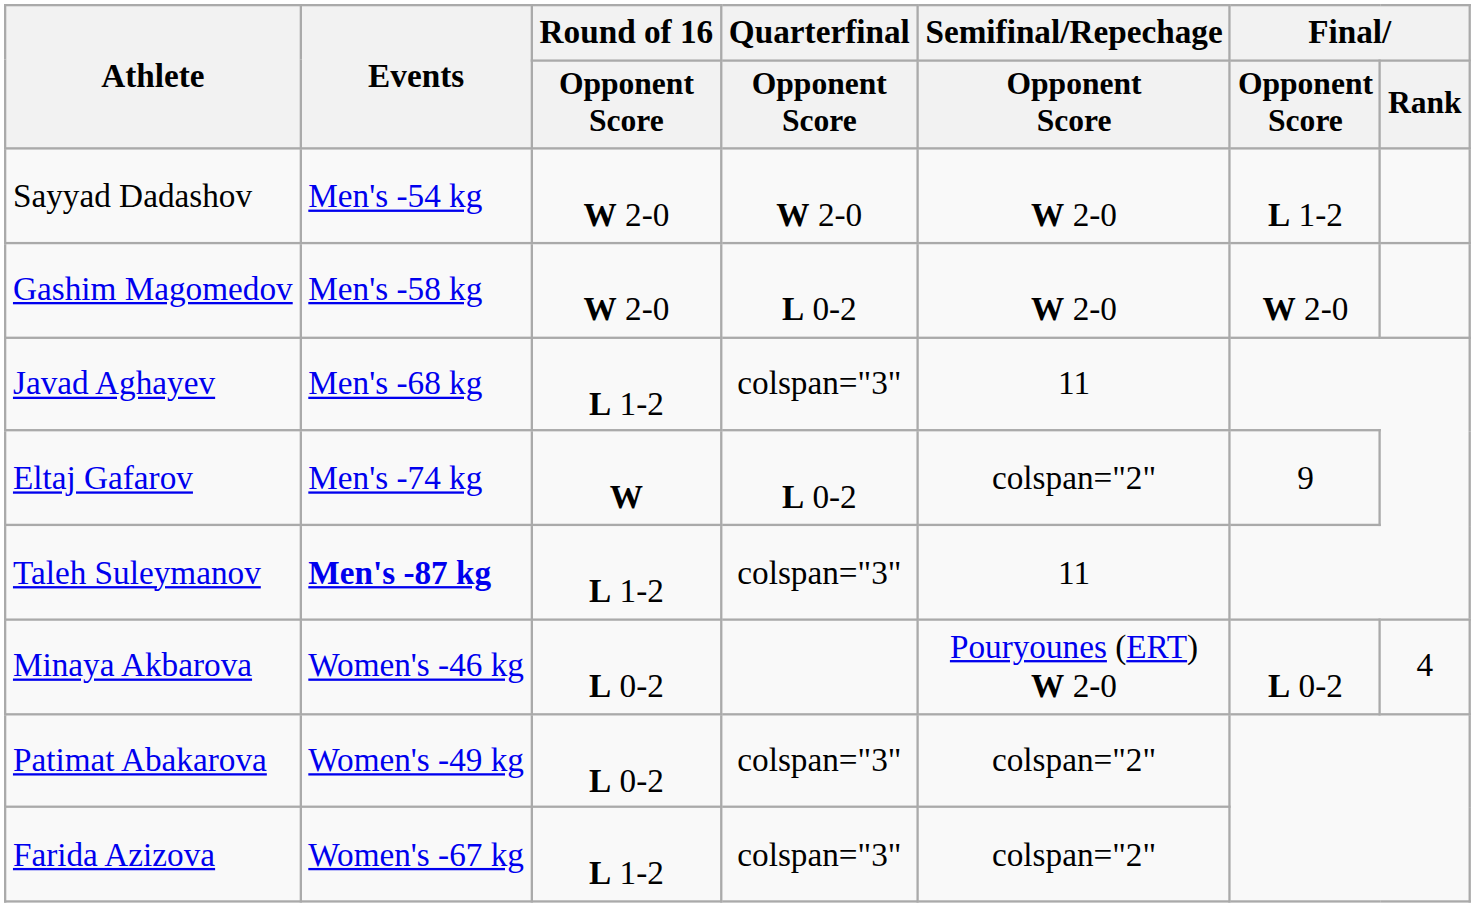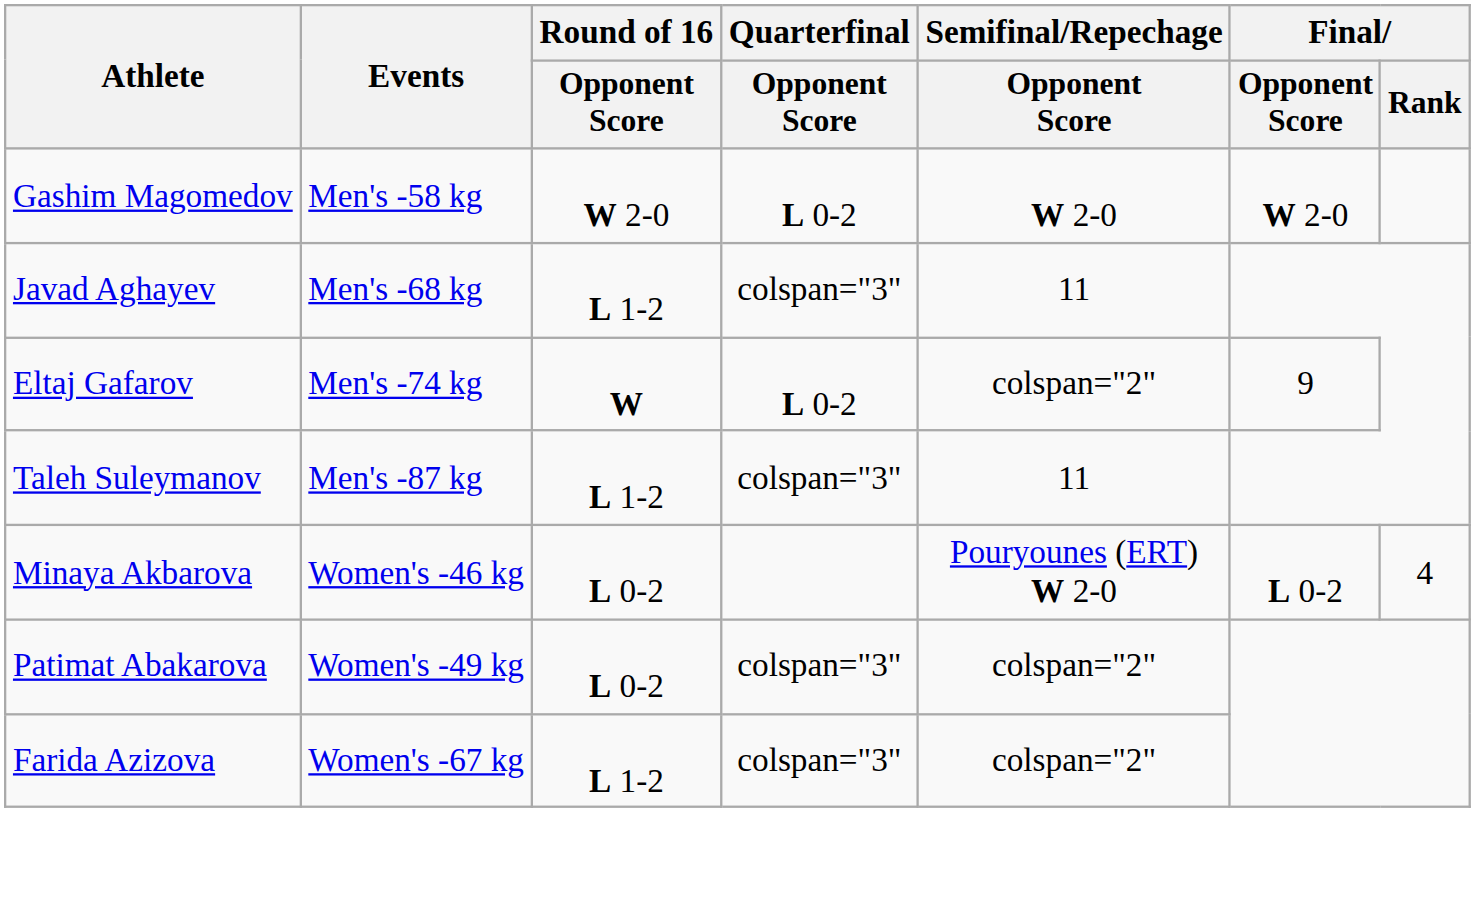 <table class="wikitable" style="text-align:center; font-size:90%">
 <tr>
 <th rowspan="2">Athlete</th>
 <th rowspan="2">Events</th>
 <th>Round of 16</th>
 <th>Quarterfinal</th>
 <th>Semifinal/Repechage</th>
 <th colspan="2">Final/</th>
 </tr>
 <tr style="font-size:95%">
 <th>Opponent<br>Score</th>
 <th>Opponent<br>Score</th>
 <th>Opponent<br>Score</th>
 <th>Opponent<br>Score</th>
 <th>Rank</th>
-</tr>
-<tr>
-<td align="left">Sayyad Dadashov</td>
-<td align="left"><a href='#'>Men's -54 kg</a></td>
-<td><br><strong>W</strong> 2-0</td>
-<td><br><strong>W</strong> 2-0</td>
-<td><br><strong>W</strong> 2-0</td>
-<td><br><strong>L</strong> 1-2</td>
-<td></td>
 </tr>
 <tr>
 <td align="left"><a href='#'>Gashim Magomedov</a></td>
 <td align="left"><a href='#'>Men's -58 kg</a></td>
 <td><br><strong>W</strong> 2-0</td>
 <td><br><strong>L</strong> 0-2</td>
 <td><br><strong>W</strong> 2-0</td>
 <td><br><strong>W</strong> 2-0</td>
 <td></td>
 </tr>
 <tr>
 <td align="left"><a href='#'>Javad Aghayev</a></td>
 <td align="left"><a href='#'>Men's -68 kg</a></td>
 <td><br><strong>L</strong> 1-2</td>
 <td>colspan="3" </td>
 <td>11</td>
 </tr>
 <tr>
 <td align="left"><a href='#'>Eltaj Gafarov</a></td>
 <td align="left"><a href='#'>Men's -74 kg</a></td>
 <td><br><strong>W</strong> </td>
 <td><br><strong>L</strong> 0-2</td>
 <td>colspan="2" </td>
 <td>9</td>
 </tr>
 <tr>
 <td align="left"><a href='#'>Taleh Suleymanov</a></td>
-<td align="left"><strong><a href='#'>Men's -87 kg</a></strong></td>
+<td align="left"><a href='#'>Men's -87 kg</a></td>
 <td><br><strong>L</strong> 1-2</td>
 <td>colspan="3" </td>
 <td>11</td>
 </tr>
 <tr>
 <td align="left"><a href='#'>Minaya Akbarova</a></td>
 <td align="left"><a href='#'>Women's -46 kg</a></td>
 <td><br><strong>L</strong> 0-2</td>
 <td></td>
 <td><a href='#'>Pouryounes</a> (<a href='#'>ERT</a>)<br><strong>W</strong> 2-0</td>
 <td><br><strong>L</strong> 0-2</td>
 <td>4</td>
 </tr>
 <tr>
 <td align="left"><a href='#'>Patimat Abakarova</a></td>
 <td align="left"><a href='#'>Women's -49 kg</a></td>
 <td><br><strong>L</strong> 0-2</td>
 <td>colspan="3" </td>
 <td>colspan="2" </td>
 </tr>
 <tr>
 <td align="left"><a href='#'>Farida Azizova</a></td>
 <td align="left"><a href='#'>Women's -67 kg</a></td>
 <td><br><strong>L</strong> 1-2</td>
 <td>colspan="3" </td>
 <td>colspan="2" </td>
 </tr>
 </table>
